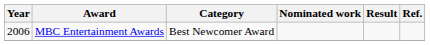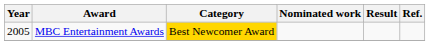 <table class="wikitable">
 <tr>
 <th>Year</th>
 <th>Award</th>
 <th>Category</th>
 <th>Nominated work</th>
 <th>Result</th>
 <th>Ref.</th>
 </tr>
 <tr>
-<td>2006</td>
+<td>2005</td>
 <td><a href='#'>MBC Entertainment Awards</a></td>
-<td>Best Newcomer Award</td>
+<td style="background: gold;">Best Newcomer Award</td>
 <td></td>
 <td></td>
 <td></td>
 </tr>
 <tr>
 </tr>
 </table>
